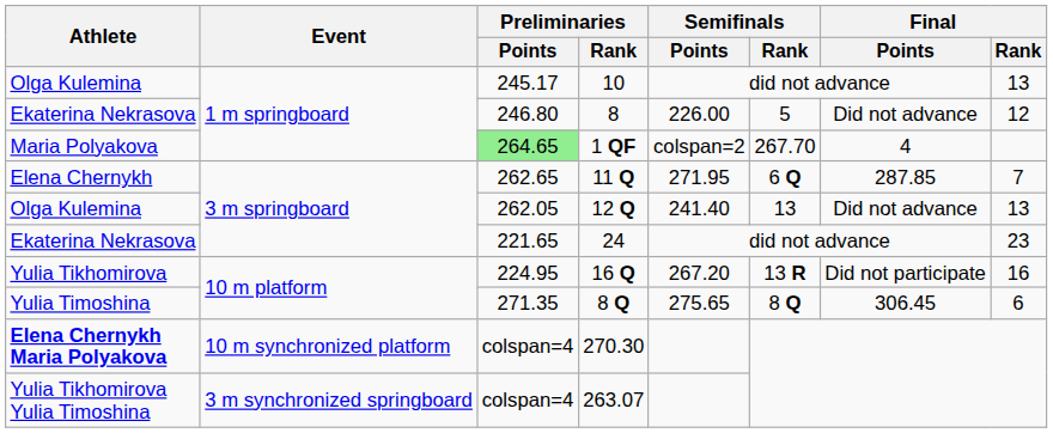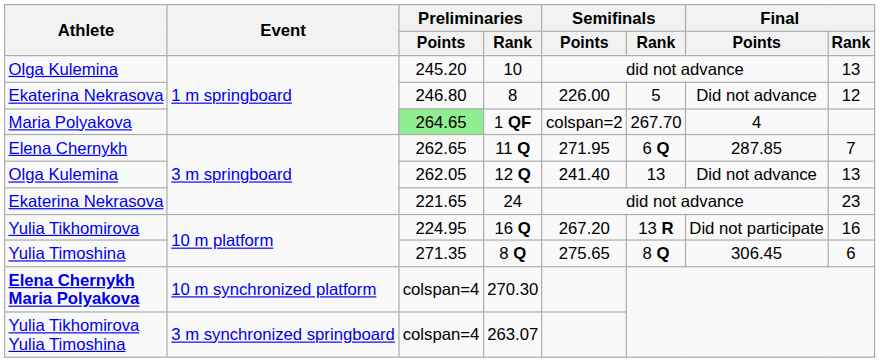 <table class="wikitable" style="text-align:center; font-size:90%">
 <tr>
 <th rowspan=2>Athlete</th>
 <th rowspan=2>Event</th>
 <th colspan=2>Preliminaries</th>
 <th colspan=2>Semifinals</th>
 <th colspan=2>Final</th>
 </tr>
 <tr style="font-size:95%">
 <th>Points</th>
 <th>Rank</th>
 <th>Points</th>
 <th>Rank</th>
 <th>Points</th>
 <th>Rank</th>
 </tr>
 <tr>
 <td align=left><a href='#'>Olga Kulemina</a></td>
 <td align=left rowspan=3><a href='#'>1 m springboard</a></td>
-<td>245.17</td>
+<td>245.20</td>
 <td>10</td>
 <td colspan=3>did not advance</td>
 <td>13</td>
 </tr>
 <tr>
 <td align=left><a href='#'>Ekaterina Nekrasova</a></td>
 <td>246.80</td>
 <td>8</td>
 <td>226.00</td>
 <td>5</td>
 <td>Did not advance</td>
 <td>12</td>
 </tr>
 <tr>
 <td align=left><a href='#'>Maria Polyakova</a></td>
 <td style="background: lightgreen;">264.65</td>
 <td>1 <strong>QF</strong></td>
 <td>colspan=2</td>
 <td>267.70</td>
 <td>4</td>
 </tr>
 <tr>
 <td align=left><a href='#'>Elena Chernykh</a></td>
 <td align=left rowspan=3><a href='#'>3 m springboard</a></td>
 <td>262.65</td>
 <td>11 <strong>Q</strong></td>
 <td>271.95</td>
 <td>6 <strong>Q</strong></td>
 <td>287.85</td>
 <td>7</td>
 </tr>
 <tr>
 <td align=left><a href='#'>Olga Kulemina</a></td>
 <td>262.05</td>
 <td>12 <strong>Q</strong></td>
 <td>241.40</td>
 <td>13</td>
 <td>Did not advance</td>
 <td>13</td>
 </tr>
 <tr>
 <td align=left><a href='#'>Ekaterina Nekrasova</a></td>
 <td>221.65</td>
 <td>24</td>
 <td colspan=3>did not advance</td>
 <td>23</td>
 </tr>
 <tr>
 <td align=left><a href='#'>Yulia Tikhomirova</a></td>
 <td align=left rowspan=2><a href='#'>10 m platform</a></td>
 <td>224.95</td>
 <td>16 <strong>Q</strong></td>
 <td>267.20</td>
 <td>13 <strong>R</strong></td>
 <td>Did not participate</td>
 <td>16</td>
 </tr>
 <tr>
 <td align=left><a href='#'>Yulia Timoshina</a></td>
 <td>271.35</td>
 <td>8 <strong>Q</strong></td>
 <td>275.65</td>
 <td>8 <strong>Q</strong></td>
 <td>306.45</td>
 <td>6</td>
 </tr>
 <tr>
 <td align=left><strong><a href='#'>Elena Chernykh</a><br><a href='#'>Maria Polyakova</a></strong></td>
 <td align=left><a href='#'>10 m synchronized platform</a></td>
 <td>colspan=4 </td>
 <td>270.30</td>
 <td></td>
 </tr>
 <tr>
 <td align=left><a href='#'>Yulia Tikhomirova</a><br><a href='#'>Yulia Timoshina</a></td>
 <td align=left><a href='#'>3 m synchronized springboard</a></td>
 <td>colspan=4 </td>
 <td>263.07</td>
 <td></td>
 </tr>
 </table>
